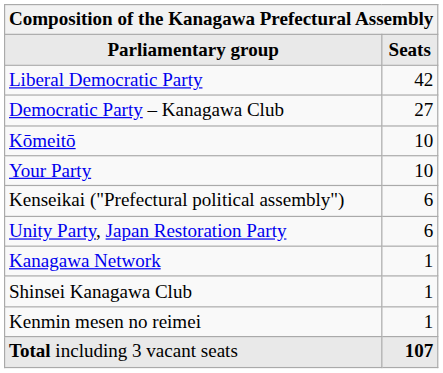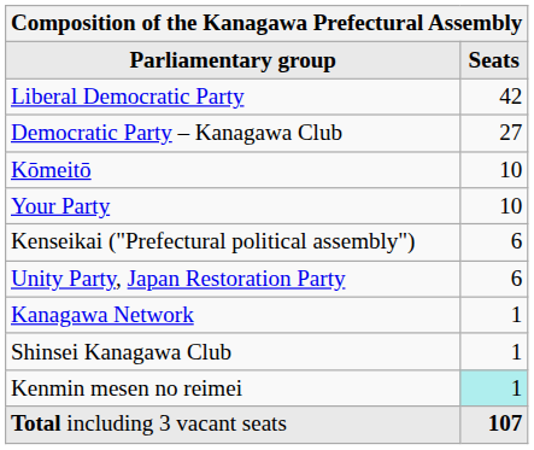 <table class="wikitable">
 <tr>
 <th colspan="2">Composition of the Kanagawa Prefectural Assembly</th>
 </tr>
 <tr>
 <th style="background-color:#E9E9E9" align=left>Parliamentary group</th>
 <th style="background-color:#E9E9E9" align=right>Seats</th>
 </tr>
 <tr>
 <td align=left><a href='#'>Liberal Democratic Party</a></td>
 <td align="right">42</td>
 </tr>
 <tr>
 <td align=left><a href='#'>Democratic Party</a> – Kanagawa Club</td>
 <td align="right">27</td>
 </tr>
 <tr>
 <td align=left><a href='#'>Kōmeitō</a></td>
 <td align="right">10</td>
 </tr>
 <tr>
 <td align=left><a href='#'>Your Party</a></td>
 <td align="right">10</td>
 </tr>
 <tr>
 <td align=left>Kenseikai ("Prefectural political assembly")</td>
 <td align="right">6</td>
 </tr>
 <tr>
 <td align=left><a href='#'>Unity Party</a>, <a href='#'>Japan Restoration Party</a></td>
 <td align="right">6</td>
 </tr>
 <tr>
 <td align=left><a href='#'>Kanagawa Network</a></td>
 <td align="right">1</td>
 </tr>
 <tr>
 <td align=left>Shinsei Kanagawa Club</td>
 <td align="right">1</td>
 </tr>
 <tr>
 <td align=left>Kenmin mesen no reimei</td>
-<td align="right">1</td>
+<td align="right" style="background: paleturquoise;">1</td>
 </tr>
 <tr>
 <td align=left style="background-color:#E9E9E9" align=left><strong>Total</strong> including 3 vacant seats</td>
 <td style="background-color:#E9E9E9" align=right><strong>107</strong></td>
 </tr>
 </table>
